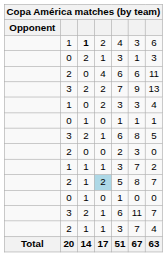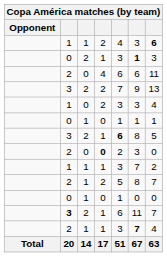 <table class="wikitable sortable" style="text-align: center;">
 <tr>
 <th colspan=7>Copa América matches (by team)</th>
 </tr>
 <tr>
 <th>Opponent</th>
 <th></th>
 <th></th>
 <th></th>
 <th></th>
 <th></th>
 <th></th>
 </tr>
 <tr>
 <td align="left"></td>
 <td>1</td>
-<td><strong>1</strong></td>
+<td>1</td>
 <td>2</td>
 <td>4</td>
 <td>3</td>
-<td>6</td>
+<td><strong>6</strong></td>
 </tr>
 <tr>
 <td align="left"></td>
 <td>0</td>
 <td>2</td>
 <td>1</td>
 <td>3</td>
-<td>1</td>
+<td><strong>1</strong></td>
 <td>3</td>
 </tr>
 <tr>
 <td align="left"></td>
 <td>2</td>
 <td>0</td>
 <td>4</td>
 <td>6</td>
 <td>6</td>
 <td>11</td>
 </tr>
 <tr>
 <td align="left"></td>
 <td>3</td>
 <td>2</td>
 <td>2</td>
 <td>7</td>
 <td>9</td>
 <td>13</td>
 </tr>
 <tr>
 <td align="left"></td>
 <td>1</td>
 <td>0</td>
 <td>2</td>
 <td>3</td>
 <td>3</td>
 <td>4</td>
 </tr>
 <tr>
 <td align="left"></td>
 <td>0</td>
 <td>1</td>
 <td>0</td>
 <td>1</td>
 <td>1</td>
 <td>1</td>
 </tr>
 <tr>
 <td align="left"></td>
 <td>3</td>
 <td>2</td>
 <td>1</td>
-<td>6</td>
+<td><strong>6</strong></td>
 <td>8</td>
 <td>5</td>
 </tr>
 <tr>
 <td align="left"></td>
 <td>2</td>
 <td>0</td>
-<td>0</td>
+<td><strong>0</strong></td>
 <td>2</td>
 <td>3</td>
 <td>0</td>
 </tr>
 <tr>
 <td align="left"></td>
 <td>1</td>
 <td>1</td>
 <td>1</td>
 <td>3</td>
 <td>7</td>
 <td>2</td>
 </tr>
 <tr>
 <td align="left"></td>
 <td>2</td>
 <td>1</td>
-<td style="background: lightblue;">2</td>
+<td>2</td>
 <td>5</td>
 <td>8</td>
 <td>7</td>
 </tr>
 <tr>
 <td align="left"></td>
 <td>0</td>
 <td>1</td>
 <td>0</td>
 <td>1</td>
 <td>0</td>
 <td>0</td>
 </tr>
 <tr>
 <td align="left"></td>
-<td>3</td>
+<td><strong>3</strong></td>
 <td>2</td>
 <td>1</td>
 <td>6</td>
 <td>11</td>
 <td>7</td>
 </tr>
 <tr>
 <td align="left"></td>
 <td>2</td>
 <td>1</td>
 <td>1</td>
 <td>3</td>
-<td>7</td>
+<td><strong>7</strong></td>
 <td>4</td>
 </tr>
 <tr>
 <th align="left">Total</th>
 <th>20</th>
 <th>14</th>
 <th>17</th>
 <th>51</th>
 <th>67</th>
 <th>63</th>
 </tr>
 </table>
